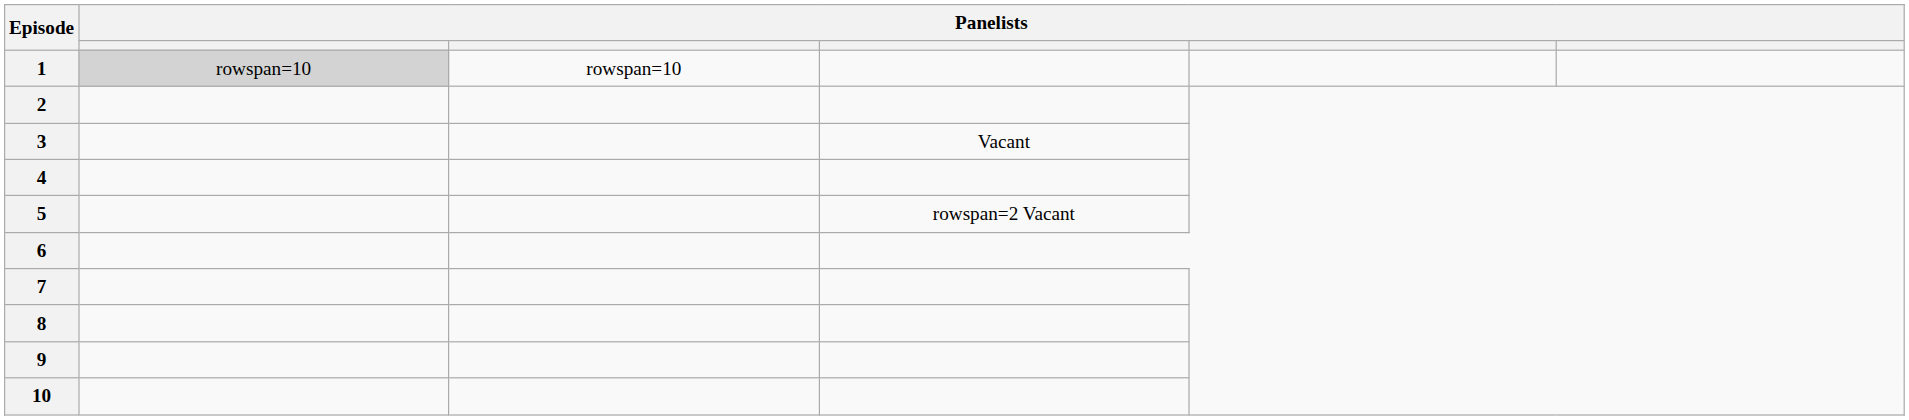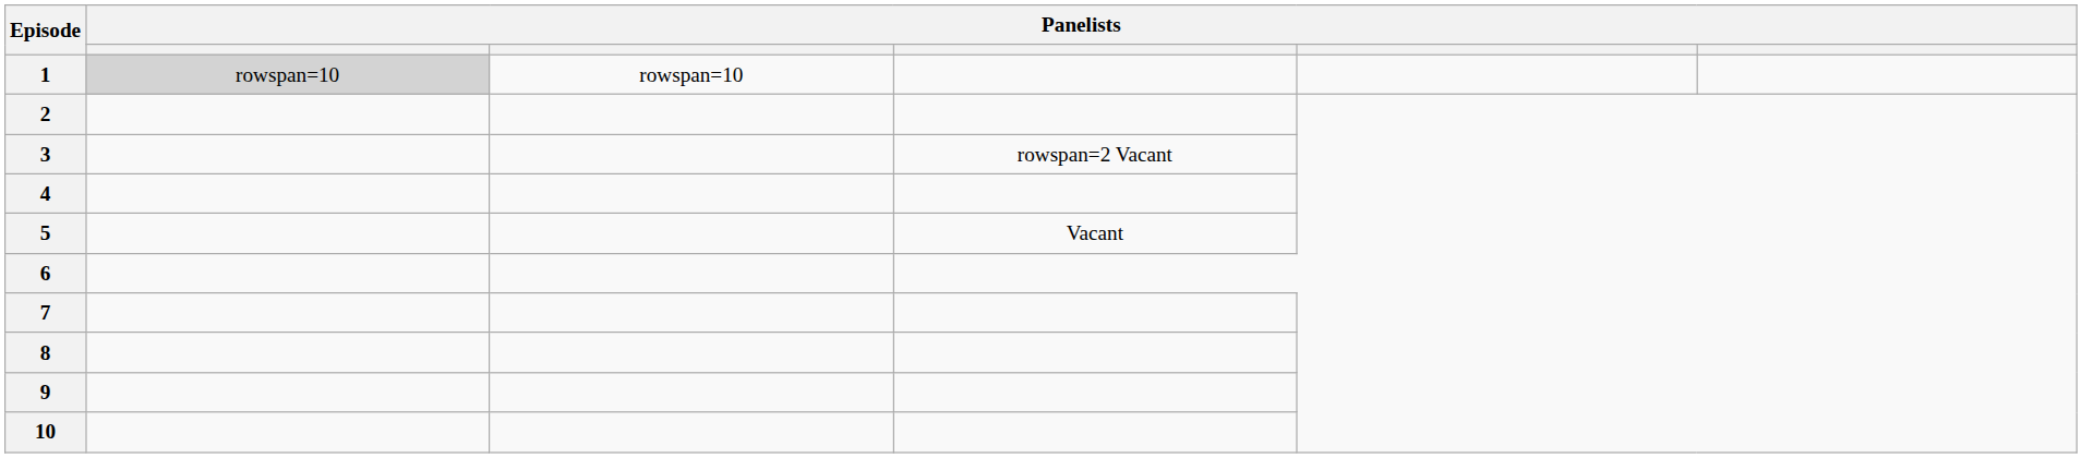 <table class="wikitable plainrowheaders mw-collapsible" style="text-align:center; line-height:23px; width:100%;">
 <tr>
 <th rowspan=2 width=1%>Episode</th>
 <th colspan=5>Panelists</th>
 </tr>
 <tr>
 <th width="20%"></th>
 <th width="20%"></th>
 <th width="20%"></th>
 <th width="20%"></th>
 <th width="20%"></th>
 </tr>
 <tr>
 <th>1</th>
 <td style="background: lightgrey;">rowspan=10 </td>
 <td>rowspan=10 </td>
 <td></td>
 <td></td>
 <td></td>
 </tr>
 <tr>
 <th>2</th>
 <td></td>
 <td></td>
 <td></td>
 </tr>
 <tr>
 <th>3</th>
 <td></td>
 <td></td>
-<td> Vacant</td>
+<td>rowspan=2  Vacant</td>
 </tr>
 <tr>
 <th>4</th>
 <td></td>
 <td></td>
 <td></td>
 </tr>
 <tr>
 <th>5</th>
 <td></td>
 <td></td>
-<td>rowspan=2  Vacant</td>
+<td> Vacant</td>
 </tr>
 <tr>
 <th>6</th>
 <td></td>
 <td></td>
 </tr>
 <tr>
 <th>7</th>
 <td></td>
 <td></td>
 <td></td>
 </tr>
 <tr>
 <th>8</th>
 <td></td>
 <td></td>
 <td></td>
 </tr>
 <tr>
 <th>9</th>
 <td></td>
 <td></td>
 <td></td>
 </tr>
 <tr>
 <th>10</th>
 <td></td>
 <td></td>
 <td></td>
 </tr>
 </table>
